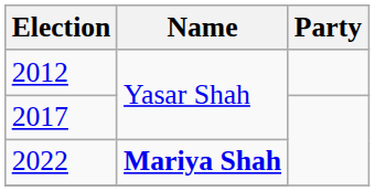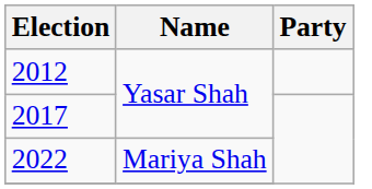 <table class="wikitable sortable">
 <tr>
 <th>Election</th>
 <th>Name</th>
 <th colspan=2>Party</th>
 </tr>
 <tr>
 <td><a href='#'>2012</a></td>
 <td rowspan=2><a href='#'>Yasar Shah</a></td>
 <td></td>
 </tr>
 <tr>
 <td><a href='#'>2017</a></td>
 </tr>
 <tr>
 <td><a href='#'>2022</a></td>
-<td><strong><a href='#'>Mariya Shah</a></strong></td>
+<td><a href='#'>Mariya Shah</a></td>
 </tr>
 <tr>
 </tr>
 </table>
